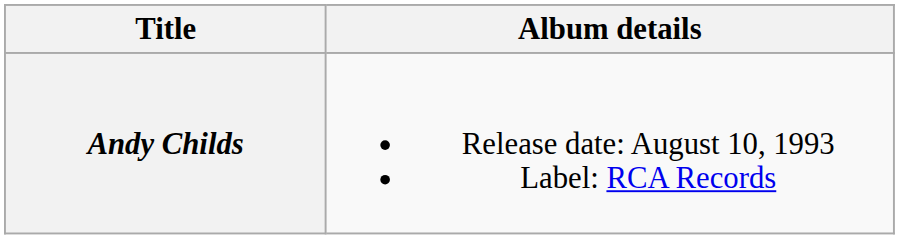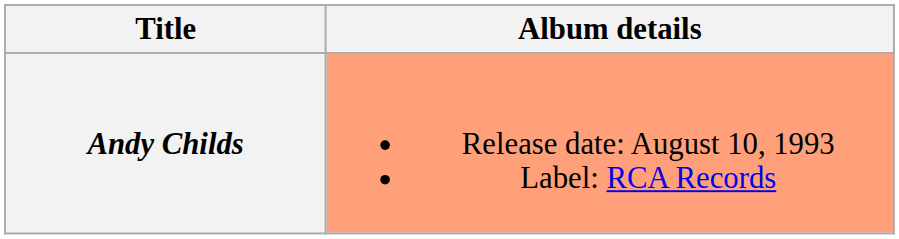 <table class="wikitable plainrowheaders" style="text-align:center;">
 <tr>
 <th style="width:10em;">Title</th>
 <th style="width:18em;">Album details</th>
 </tr>
 <tr>
 <th scope="row"><em>Andy Childs</em></th>
-<td><br><ul><li>Release date: August 10, 1993</li><li>Label: <a href='#'>RCA Records</a></li></ul></td>
+<td style="background: lightsalmon;"><br><ul><li>Release date: August 10, 1993</li><li>Label: <a href='#'>RCA Records</a></li></ul></td>
 </tr>
 </table>
